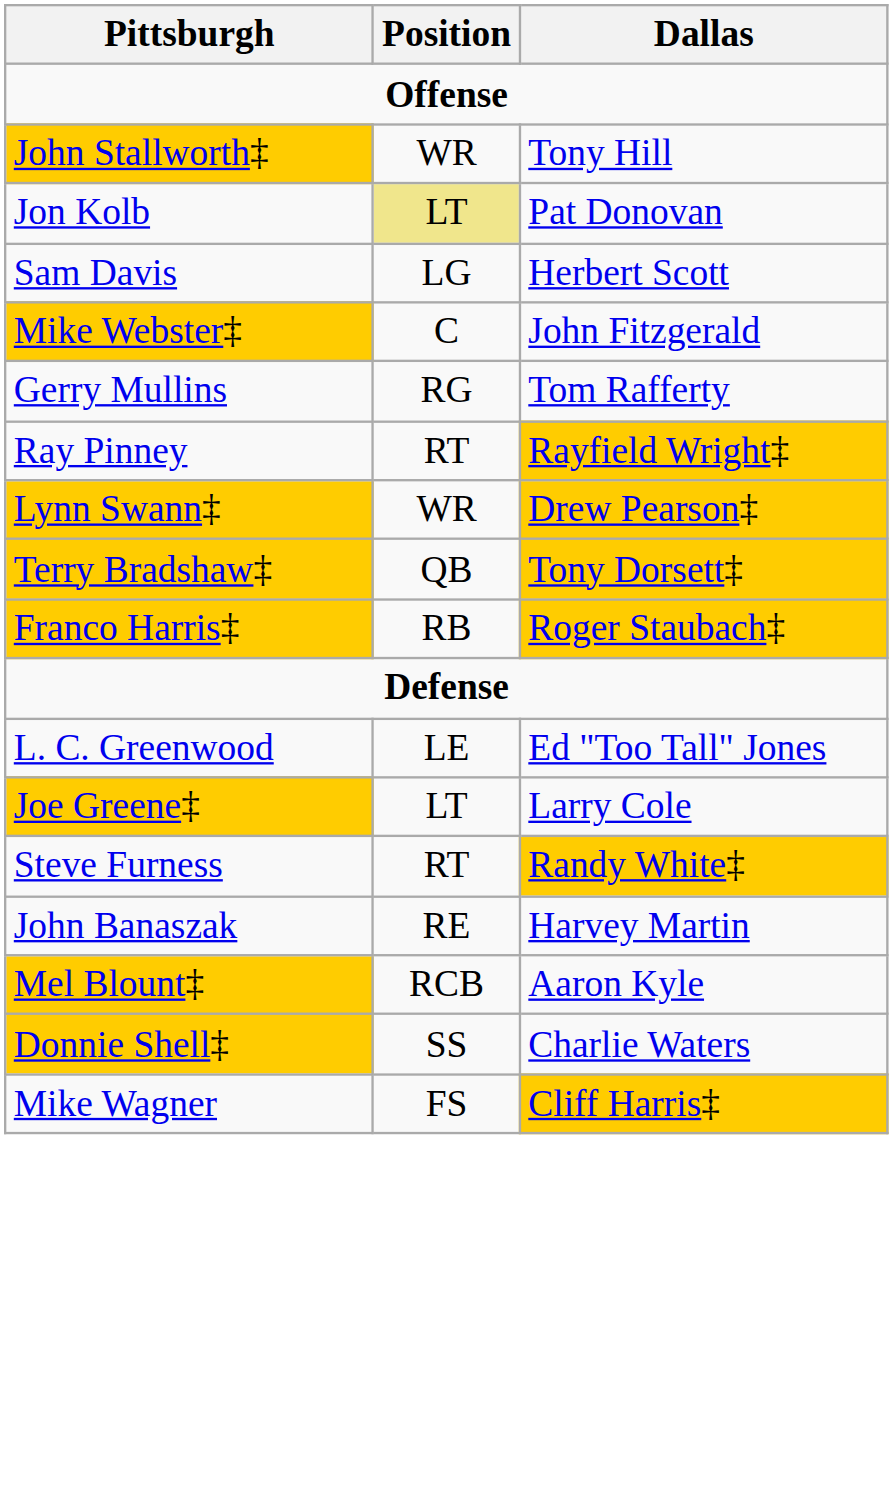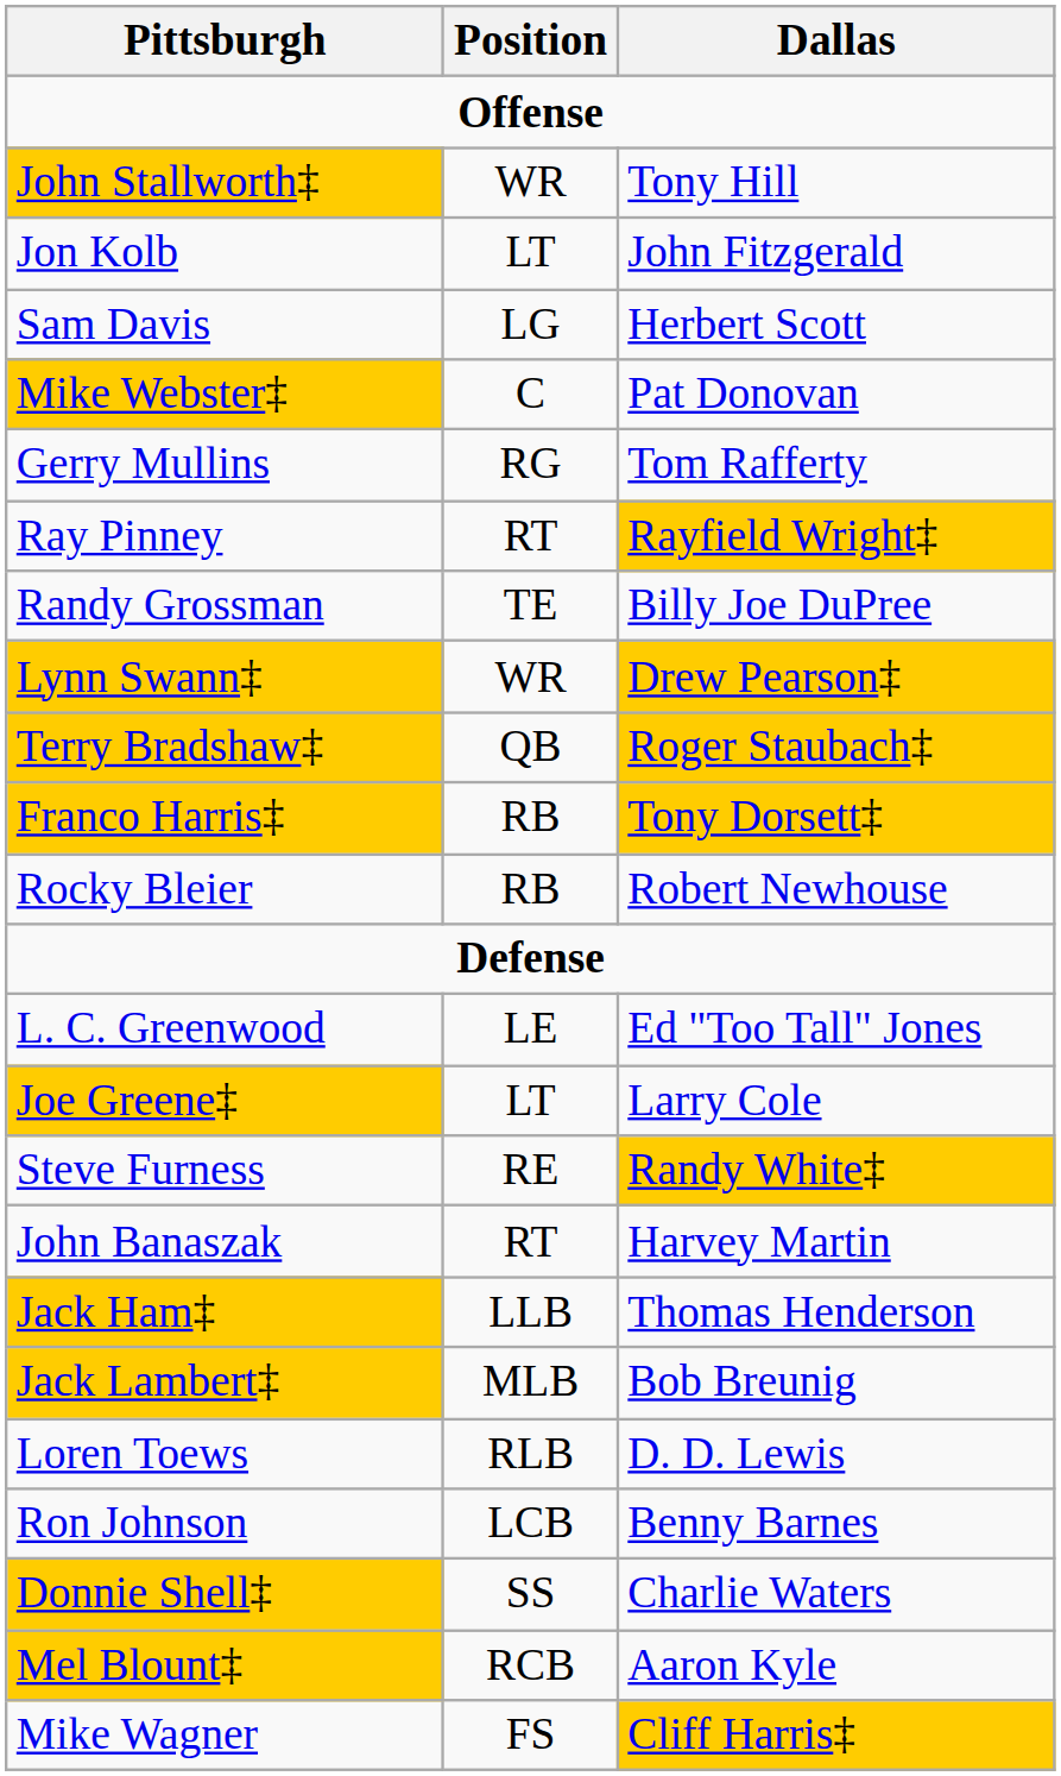 <table class=wikitable>
 <tr>
 <th style="width:150px">Pittsburgh</th>
 <th>Position</th>
 <th style="width:150px">Dallas</th>
 </tr>
 <tr>
 <td colspan="3" style="text-align:center;"><strong>Offense</strong></td>
 </tr>
 <tr>
 <td bgcolor="#FFCC00"><a href='#'>John Stallworth</a>‡</td>
 <td style="text-align:center">WR</td>
 <td><a href='#'>Tony Hill</a></td>
 </tr>
 <tr>
 <td><a href='#'>Jon Kolb</a></td>
-<td style="background: khaki; text-align:center">LT</td>
-<td><a href='#'>Pat Donovan</a></td>
+<td style="text-align:center">LT</td>
+<td><a href='#'>John Fitzgerald</a></td>
 </tr>
 <tr>
 <td><a href='#'>Sam Davis</a></td>
 <td style="text-align:center">LG</td>
 <td><a href='#'>Herbert Scott</a></td>
 </tr>
 <tr>
 <td bgcolor="#FFCC00"><a href='#'>Mike Webster</a>‡</td>
 <td style="text-align:center">C</td>
-<td><a href='#'>John Fitzgerald</a></td>
+<td><a href='#'>Pat Donovan</a></td>
 </tr>
 <tr>
 <td><a href='#'>Gerry Mullins</a></td>
 <td style="text-align:center">RG</td>
 <td><a href='#'>Tom Rafferty</a></td>
 </tr>
 <tr>
 <td><a href='#'>Ray Pinney</a></td>
 <td style="text-align:center">RT</td>
 <td bgcolor="#FFCC00"><a href='#'>Rayfield Wright</a>‡</td>
 </tr>
 <tr>
+<td><a href='#'>Randy Grossman</a></td>
+<td style="text-align:center">TE</td>
+<td><a href='#'>Billy Joe DuPree</a></td>
+</tr>
+<tr>
 <td bgcolor="#FFCC00"><a href='#'>Lynn Swann</a>‡</td>
 <td style="text-align:center">WR</td>
 <td bgcolor="#FFCC00"><a href='#'>Drew Pearson</a>‡</td>
 </tr>
 <tr>
 <td bgcolor="#FFCC00"><a href='#'>Terry Bradshaw</a>‡</td>
 <td style="text-align:center">QB</td>
-<td bgcolor="#FFCC00"><a href='#'>Tony Dorsett</a>‡</td>
+<td bgcolor="#FFCC00"><a href='#'>Roger Staubach</a>‡</td>
 </tr>
 <tr>
 <td bgcolor="#FFCC00"><a href='#'>Franco Harris</a>‡</td>
 <td style="text-align:center">RB</td>
-<td bgcolor="#FFCC00"><a href='#'>Roger Staubach</a>‡</td>
+<td bgcolor="#FFCC00"><a href='#'>Tony Dorsett</a>‡</td>
+</tr>
+<tr>
+<td><a href='#'>Rocky Bleier</a></td>
+<td style="text-align:center">RB</td>
+<td><a href='#'>Robert Newhouse</a></td>
 </tr>
 <tr>
 <td colspan="3" style="text-align:center"><strong>Defense</strong></td>
 </tr>
 <tr>
 <td><a href='#'>L. C. Greenwood</a></td>
 <td style="text-align:center">LE</td>
 <td><a href='#'>Ed "Too Tall" Jones</a></td>
 </tr>
 <tr>
 <td bgcolor="#FFCC00"><a href='#'>Joe Greene</a>‡</td>
 <td style="text-align:center">LT</td>
 <td><a href='#'>Larry Cole</a></td>
 </tr>
 <tr>
 <td><a href='#'>Steve Furness</a></td>
-<td style="text-align:center">RT</td>
+<td style="text-align:center">RE</td>
 <td bgcolor="#FFCC00"><a href='#'>Randy White</a>‡</td>
 </tr>
 <tr>
 <td><a href='#'>John Banaszak</a></td>
-<td style="text-align:center">RE</td>
+<td style="text-align:center">RT</td>
 <td><a href='#'>Harvey Martin</a></td>
+</tr>
+<tr>
+<td bgcolor="#FFCC00"><a href='#'>Jack Ham</a>‡</td>
+<td style="text-align:center">LLB</td>
+<td><a href='#'>Thomas Henderson</a></td>
+</tr>
+<tr>
+<td bgcolor="#FFCC00"><a href='#'>Jack Lambert</a>‡</td>
+<td style="text-align:center">MLB</td>
+<td><a href='#'>Bob Breunig</a></td>
+</tr>
+<tr>
+<td><a href='#'>Loren Toews</a></td>
+<td style="text-align:center;">RLB</td>
+<td><a href='#'>D. D. Lewis</a></td>
+</tr>
+<tr>
+<td><a href='#'>Ron Johnson</a></td>
+<td style="text-align:center">LCB</td>
+<td><a href='#'>Benny Barnes</a></td>
+</tr>
+<tr>
+<td bgcolor="#FFCC00"><a href='#'>Donnie Shell</a>‡</td>
+<td style="text-align:center">SS</td>
+<td><a href='#'>Charlie Waters</a></td>
 </tr>
 <tr>
 <td bgcolor="#FFCC00"><a href='#'>Mel Blount</a>‡</td>
 <td style="text-align:center">RCB</td>
 <td><a href='#'>Aaron Kyle</a></td>
 </tr>
 <tr>
-<td bgcolor="#FFCC00"><a href='#'>Donnie Shell</a>‡</td>
-<td style="text-align:center">SS</td>
-<td><a href='#'>Charlie Waters</a></td>
-</tr>
-<tr>
 <td><a href='#'>Mike Wagner</a></td>
 <td style="text-align:center">FS</td>
 <td bgcolor="#FFCC00"><a href='#'>Cliff Harris</a>‡</td>
 </tr>
 </table>
